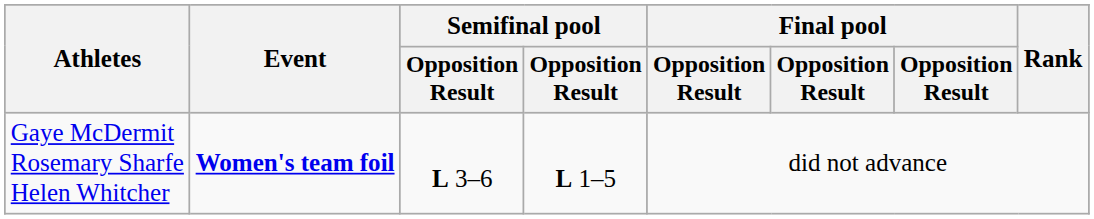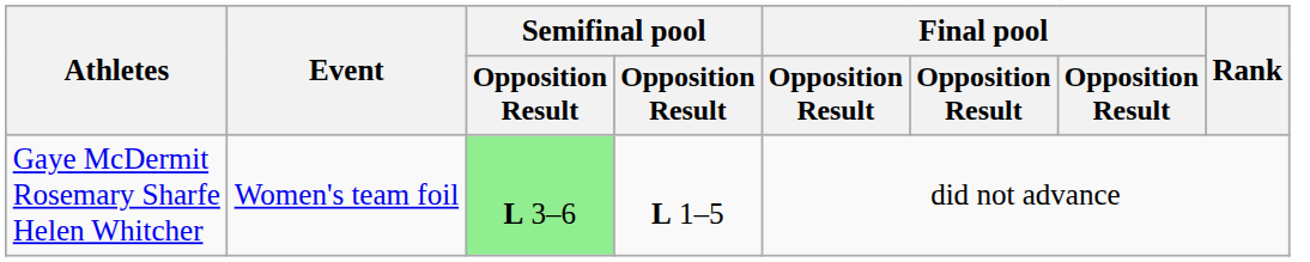 <table class=wikitable style="font-size:90%;text-align:center">
 <tr>
 <th rowspan=2>Athletes</th>
 <th rowspan=2>Event</th>
 <th colspan=2>Semifinal pool</th>
 <th colspan=3>Final pool</th>
 <th rowspan=2>Rank</th>
 </tr>
 <tr style="font-size:95%">
 <th>Opposition<br>Result</th>
 <th>Opposition<br>Result</th>
 <th>Opposition<br>Result</th>
 <th>Opposition<br>Result</th>
 <th>Opposition<br>Result</th>
 </tr>
 <tr>
 <td style="text-align:left;"><a href='#'>Gaye McDermit</a><br><a href='#'>Rosemary Sharfe</a><br><a href='#'>Helen Whitcher</a></td>
-<td style="text-align:left;"><strong><a href='#'>Women's team foil</a></strong></td>
-<td><br><strong>L</strong> 3–6</td>
+<td style="text-align:left;"><a href='#'>Women's team foil</a></td>
+<td style="background: lightgreen;"><br><strong>L</strong> 3–6</td>
 <td><br><strong>L</strong> 1–5</td>
 <td colspan=4>did not advance</td>
 </tr>
 </table>
